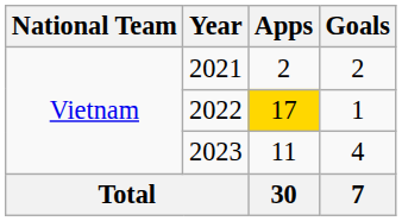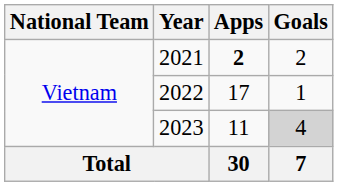 <table class="wikitable" style="text-align:center">
 <tr>
 <th>National Team</th>
 <th>Year</th>
 <th>Apps</th>
 <th>Goals</th>
 </tr>
 <tr>
 <td rowspan="3"><a href='#'>Vietnam</a></td>
 <td>2021</td>
-<td>2</td>
+<td><strong>2</strong></td>
 <td>2</td>
 </tr>
 <tr>
 <td>2022</td>
-<td style="background: gold;">17</td>
+<td>17</td>
 <td>1</td>
 </tr>
 <tr>
 <td>2023</td>
 <td>11</td>
-<td>4</td>
+<td style="background: lightgrey;">4</td>
 </tr>
 <tr>
 <th colspan=2>Total</th>
 <th>30</th>
 <th>7</th>
 </tr>
 </table>
